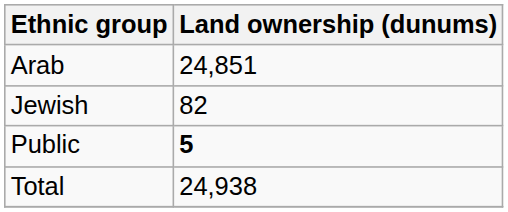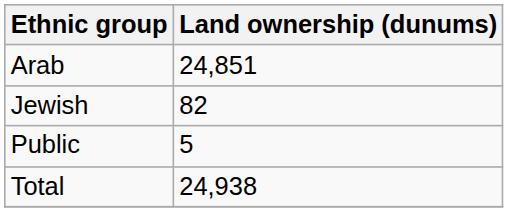 <table class="wikitable" border="1">
 <tr>
 <th>Ethnic group</th>
 <th>Land ownership (dunums)</th>
 </tr>
 <tr>
 <td>Arab</td>
 <td>24,851</td>
 </tr>
 <tr>
 <td>Jewish</td>
 <td>82</td>
 </tr>
 <tr>
 <td>Public</td>
-<td><strong>5</strong></td>
+<td>5</td>
 </tr>
 <tr>
 <td>Total</td>
 <td>24,938</td>
 </tr>
 <tr bgcolor="#EFEFEF">
 </tr>
 </table>
